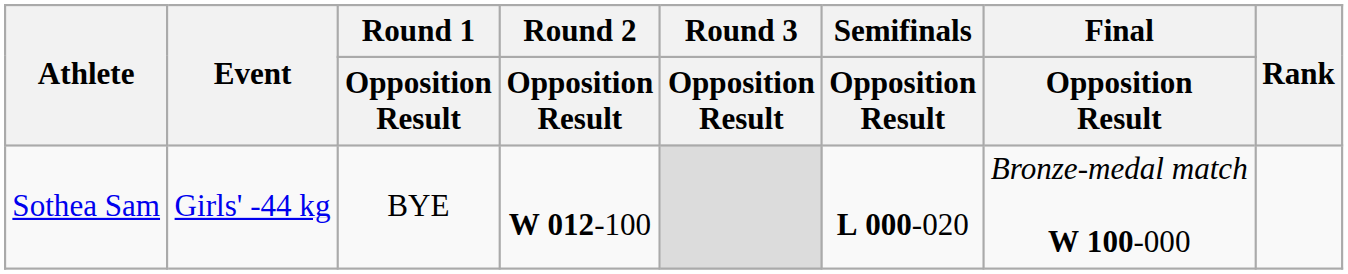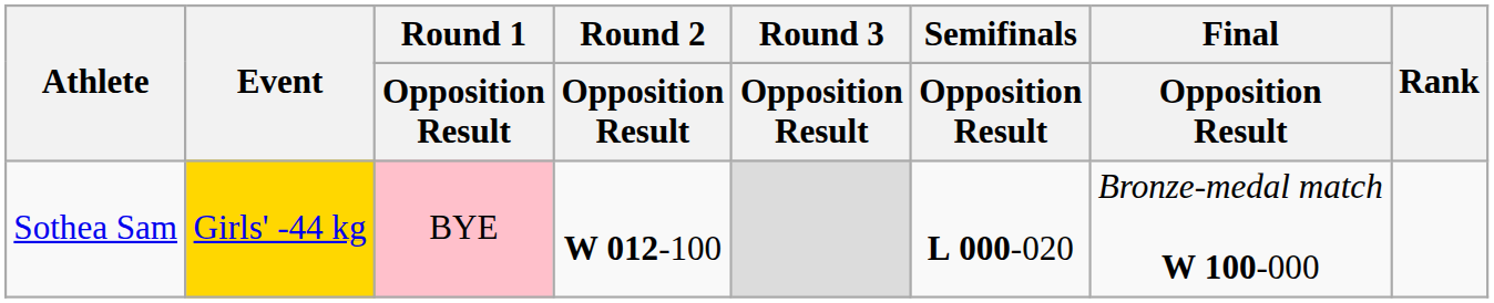 <table class="wikitable" border="1" style="font-size:90%">
 <tr>
 <th rowspan=2>Athlete</th>
 <th rowspan=2>Event</th>
 <th>Round 1</th>
 <th>Round 2</th>
 <th>Round 3</th>
 <th>Semifinals</th>
 <th>Final</th>
 <th rowspan=2>Rank</th>
 </tr>
 <tr>
 <th>Opposition<br>Result</th>
 <th>Opposition<br>Result</th>
 <th>Opposition<br>Result</th>
 <th>Opposition<br>Result</th>
 <th>Opposition<br>Result</th>
 </tr>
 <tr>
 <td><a href='#'>Sothea Sam</a></td>
-<td><a href='#'>Girls' -44 kg</a></td>
-<td align=center>BYE</td>
+<td style="background: gold;"><a href='#'>Girls' -44 kg</a></td>
+<td align=center style="background: pink;">BYE</td>
 <td align=center> <br> <strong>W</strong> <strong>012</strong>-100</td>
 <td bgcolor=#DCDCDC></td>
 <td align=center> <br> <strong>L</strong> <strong>000</strong>-020</td>
 <td align=center><em>Bronze-medal match</em><br> <br> <strong>W</strong> <strong>100</strong>-000</td>
 <td align=center></td>
 </tr>
 </table>
